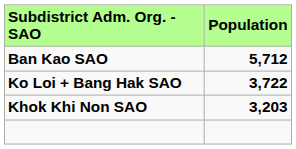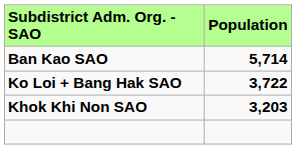 <table class="wikitable" style="width:48%; display:inline-table;">
 <tr>
 <td style= "background: #b4ff90;"><strong>Subdistrict Adm. Org. - SAO</strong></td>
 <td style= "background: #b4ff90; text-align:center;"><strong>Population</strong></td>
 </tr>
 <tr>
 <td><strong>Ban Kao SAO</strong></td>
-<td style="text-align:right;"><strong>5,712</strong></td>
+<td style="text-align:right;"><strong>5,714</strong></td>
 </tr>
 <tr>
 <td><strong>Ko Loi + Bang Hak SAO</strong></td>
 <td style="text-align:right;"><strong>3,722</strong></td>
 </tr>
 <tr>
 <td><strong>Khok Khi Non SAO</strong></td>
 <td style="text-align:right;"><strong>3,203</strong></td>
 </tr>
 <tr>
 <td> </td>
 <td> </td>
 </tr>
 </table>
